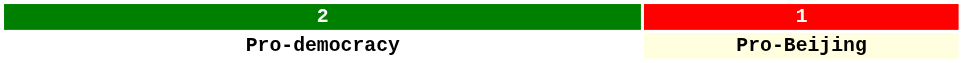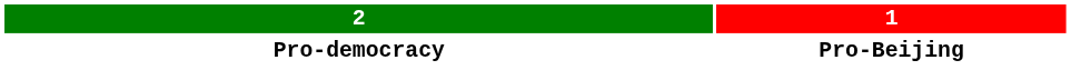 <table style="width:50%; text-align:center;">
 <tr style="color:white;">
 <td style="background:green; width:67%;"><strong>2</strong></td>
 <td style="background:red; width:33%;"><strong>1</strong></td>
 </tr>
 <tr>
 <td><span><strong>Pro-democracy</strong></span></td>
-<td style="background: lightyellow;"><span><strong>Pro-Beijing</strong></span></td>
+<td><span><strong>Pro-Beijing</strong></span></td>
 </tr>
 </table>
